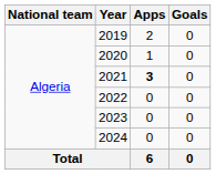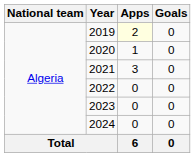 <table class="wikitable" style="text-align:center">
 <tr>
 <th>National team</th>
 <th>Year</th>
 <th>Apps</th>
 <th>Goals</th>
 </tr>
 <tr>
 <td rowspan="6"><a href='#'>Algeria</a></td>
 <td>2019</td>
-<td>2</td>
+<td style="background: lightyellow;">2</td>
 <td>0</td>
 </tr>
 <tr>
 <td>2020</td>
 <td>1</td>
 <td>0</td>
 </tr>
 <tr>
 <td>2021</td>
-<td><strong>3</strong></td>
+<td>3</td>
 <td>0</td>
 </tr>
 <tr>
 <td>2022</td>
 <td>0</td>
 <td>0</td>
 </tr>
 <tr>
 <td>2023</td>
 <td>0</td>
 <td>0</td>
 </tr>
 <tr>
 <td>2024</td>
 <td>0</td>
 <td>0</td>
 </tr>
 <tr>
 <th colspan="2">Total</th>
 <th>6</th>
 <th>0</th>
 </tr>
 </table>
